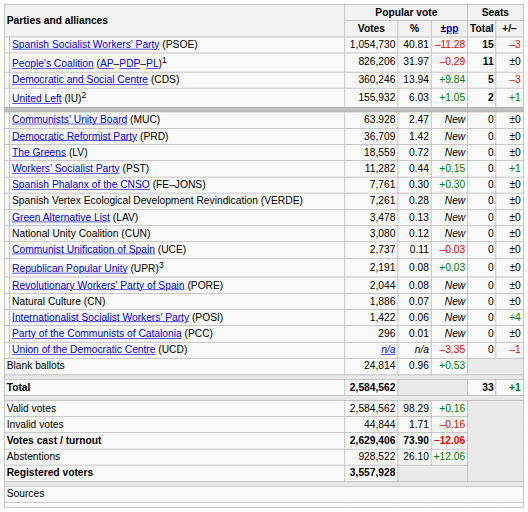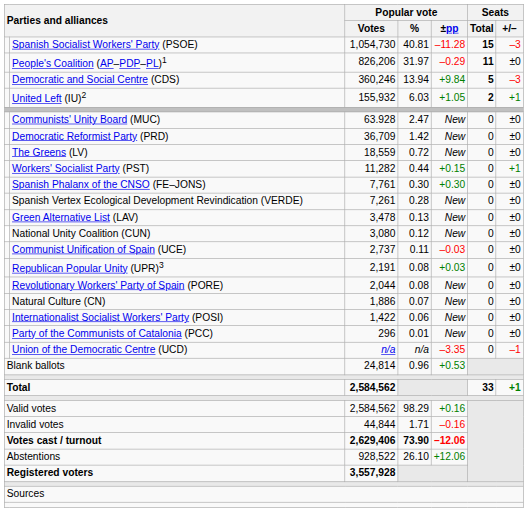 <table class="wikitable" style="text-align:right;">
 <tr>
 <th style="text-align:left;" rowspan="2" colspan="2" width="525">Parties and alliances</th>
 <th colspan="3">Popular vote</th>
 <th colspan="2">Seats</th>
 </tr>
 <tr>
 <th width="75">Votes</th>
 <th width="45">%</th>
 <th width="45">±<a href='#'>pp</a></th>
 <th width="35">Total</th>
 <th width="35">+/−</th>
 </tr>
 <tr>
 <td width="1" style="color:inherit;background:"></td>
 <td align="left"><a href='#'>Spanish Socialist Workers' Party</a> (PSOE)</td>
 <td>1,054,730</td>
 <td>40.81</td>
 <td style="color:red;">–11.28</td>
 <td><strong>15</strong></td>
 <td style="color:red;">–3</td>
 </tr>
 <tr>
 <td style="color:inherit;background:"></td>
 <td align="left"><a href='#'>People's Coalition</a> (<a href='#'>AP</a>–<a href='#'>PDP</a>–<a href='#'>PL</a>)<sup>1</sup></td>
 <td>826,206</td>
 <td>31.97</td>
 <td style="color:red;">–0.29</td>
 <td><strong>11</strong></td>
 <td>±0</td>
 </tr>
 <tr>
 <td style="color:inherit;background:"></td>
 <td align="left"><a href='#'>Democratic and Social Centre</a> (CDS)</td>
 <td>360,246</td>
 <td>13.94</td>
 <td style="color:green;">+9.84</td>
 <td><strong>5</strong></td>
 <td style="color:red;">–3</td>
 </tr>
 <tr>
 <td style="color:inherit;background:"></td>
 <td align="left"><a href='#'>United Left</a> (IU)<sup>2</sup></td>
 <td>155,932</td>
 <td>6.03</td>
 <td style="color:green;">+1.05</td>
 <td><strong>2</strong></td>
 <td style="color:green;">+1</td>
 </tr>
 <tr>
 <td colspan="7" bgcolor="#C0C0C0"></td>
 </tr>
 <tr>
 <td style="color:inherit;background:"></td>
 <td align="left"><a href='#'>Communists' Unity Board</a> (MUC)</td>
 <td>63.928</td>
 <td>2.47</td>
 <td><em>New</em></td>
 <td>0</td>
 <td>±0</td>
 </tr>
 <tr>
 <td style="color:inherit;background:"></td>
 <td align="left"><a href='#'>Democratic Reformist Party</a> (PRD)</td>
 <td>36,709</td>
 <td>1.42</td>
 <td><em>New</em></td>
 <td>0</td>
 <td>±0</td>
 </tr>
 <tr>
 <td style="color:inherit;background:"></td>
 <td align="left"><a href='#'>The Greens</a> (LV)</td>
 <td>18,559</td>
 <td>0.72</td>
 <td><em>New</em></td>
 <td>0</td>
 <td>±0</td>
 </tr>
 <tr>
 <td style="color:inherit;background:"></td>
 <td align="left"><a href='#'>Workers' Socialist Party</a> (PST)</td>
 <td>11,282</td>
 <td>0.44</td>
 <td style="color:green;">+0.15</td>
 <td>0</td>
 <td style="color:green;">+1</td>
 </tr>
 <tr>
 <td style="color:inherit;background:"></td>
 <td align="left"><a href='#'>Spanish Phalanx of the CNSO</a> (FE–JONS)</td>
 <td>7,761</td>
 <td>0.30</td>
 <td style="color:green;">+0.30</td>
 <td>0</td>
 <td>±0</td>
 </tr>
 <tr>
 <td style="color:inherit;background:"></td>
 <td align="left">Spanish Vertex Ecological Development Revindication (VERDE)</td>
 <td>7,261</td>
 <td>0.28</td>
 <td><em>New</em></td>
 <td>0</td>
 <td>±0</td>
 </tr>
 <tr>
 <td style="color:inherit;background:"></td>
 <td align="left"><a href='#'>Green Alternative List</a> (LAV)</td>
 <td>3,478</td>
 <td>0.13</td>
 <td><em>New</em></td>
 <td>0</td>
 <td>±0</td>
 </tr>
 <tr>
 <td bgcolor="white"></td>
 <td align="left">National Unity Coalition (CUN)</td>
 <td>3,080</td>
 <td>0.12</td>
 <td><em>New</em></td>
 <td>0</td>
 <td>±0</td>
 </tr>
 <tr>
 <td style="color:inherit;background:"></td>
 <td align="left"><a href='#'>Communist Unification of Spain</a> (UCE)</td>
 <td>2,737</td>
 <td>0.11</td>
 <td style="color:red;">–0.03</td>
 <td>0</td>
 <td>±0</td>
 </tr>
 <tr>
 <td style="color:inherit;background:"></td>
 <td align="left"><a href='#'>Republican Popular Unity</a> (UPR)<sup>3</sup></td>
 <td>2,191</td>
 <td>0.08</td>
 <td style="color:green;">+0.03</td>
 <td>0</td>
 <td>±0</td>
 </tr>
 <tr>
 <td style="color:inherit;background:"></td>
 <td align="left"><a href='#'>Revolutionary Workers' Party of Spain</a> (PORE)</td>
 <td>2,044</td>
 <td>0.08</td>
 <td><em>New</em></td>
 <td>0</td>
 <td>±0</td>
 </tr>
 <tr>
 <td style="color:inherit;background:"></td>
 <td align="left">Natural Culture (CN)</td>
 <td>1,886</td>
 <td>0.07</td>
 <td><em>New</em></td>
 <td>0</td>
 <td>±0</td>
 </tr>
 <tr>
 <td style="color:inherit;background:"></td>
 <td align="left"><a href='#'>Internationalist Socialist Workers' Party</a> (POSI)</td>
 <td>1,422</td>
 <td>0.06</td>
 <td><em>New</em></td>
 <td>0</td>
-<td style="color:green;">+4</td>
+<td>±0</td>
 </tr>
 <tr>
 <td style="color:inherit;background:"></td>
 <td align="left"><a href='#'>Party of the Communists of Catalonia</a> (PCC)</td>
 <td>296</td>
 <td>0.01</td>
 <td><em>New</em></td>
 <td>0</td>
 <td>±0</td>
 </tr>
 <tr>
 <td style="color:inherit;background:"></td>
 <td align="left"><a href='#'>Union of the Democratic Centre</a> (UCD)</td>
 <td><em><a href='#'>n/a</a></em></td>
 <td><em>n/a</em></td>
 <td style="color:red;">–3.35</td>
 <td>0</td>
 <td style="color:red;">–1</td>
 </tr>
 <tr>
 <td align="left" colspan="2">Blank ballots</td>
 <td>24,814</td>
 <td>0.96</td>
 <td style="color:green;">+0.53</td>
 <td bgcolor="#E9E9E9" colspan="2"></td>
 </tr>
 <tr>
 <td colspan="7" bgcolor="#E9E9E9"></td>
 </tr>
 <tr style="font-weight:bold;">
 <td align="left" colspan="2">Total</td>
 <td>2,584,562</td>
 <td bgcolor="#E9E9E9" colspan="2"></td>
 <td>33</td>
 <td style="color:green;">+1</td>
 </tr>
 <tr>
 <td colspan="7" bgcolor="#E9E9E9"></td>
 </tr>
 <tr>
 <td align="left" colspan="2">Valid votes</td>
 <td>2,584,562</td>
 <td>98.29</td>
 <td style="color:green;">+0.16</td>
 <td bgcolor="#E9E9E9" colspan="2" rowspan="5"></td>
 </tr>
 <tr>
 <td align="left" colspan="2">Invalid votes</td>
 <td>44,844</td>
 <td>1.71</td>
 <td style="color:red;">–0.16</td>
 </tr>
 <tr style="font-weight:bold;">
 <td align="left" colspan="2">Votes cast / turnout</td>
 <td>2,629,406</td>
 <td>73.90</td>
 <td style="color:red;">–12.06</td>
 </tr>
 <tr>
 <td align="left" colspan="2">Abstentions</td>
 <td>928,522</td>
 <td>26.10</td>
 <td style="color:green;">+12.06</td>
 </tr>
 <tr style="font-weight:bold;">
 <td align="left" colspan="2">Registered voters</td>
 <td>3,557,928</td>
 <td bgcolor="#E9E9E9" colspan="2"></td>
 </tr>
 <tr>
 <td colspan="7" bgcolor="#E9E9E9"></td>
 </tr>
 <tr>
 <td align="left" colspan="7">Sources</td>
 </tr>
 <tr>
 <td colspan="7" style="text-align:left; max-width:790px;"></td>
 </tr>
 </table>
